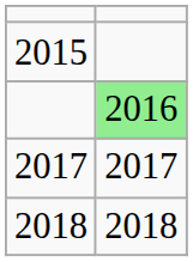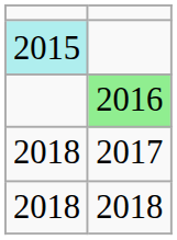 <table class="wikitable">
 <tr>
 <td></td>
 </tr>
 <tr>
-<td>2015</td>
+<td style="background: paleturquoise;">2015</td>
 <td></td>
 </tr>
 <tr>
 <td></td>
 <td style="background: lightgreen;">2016</td>
 </tr>
 <tr>
-<td>2017</td>
+<td>2018</td>
 <td>2017</td>
 </tr>
 <tr>
 <td>2018</td>
 <td>2018</td>
 </tr>
 </table>
